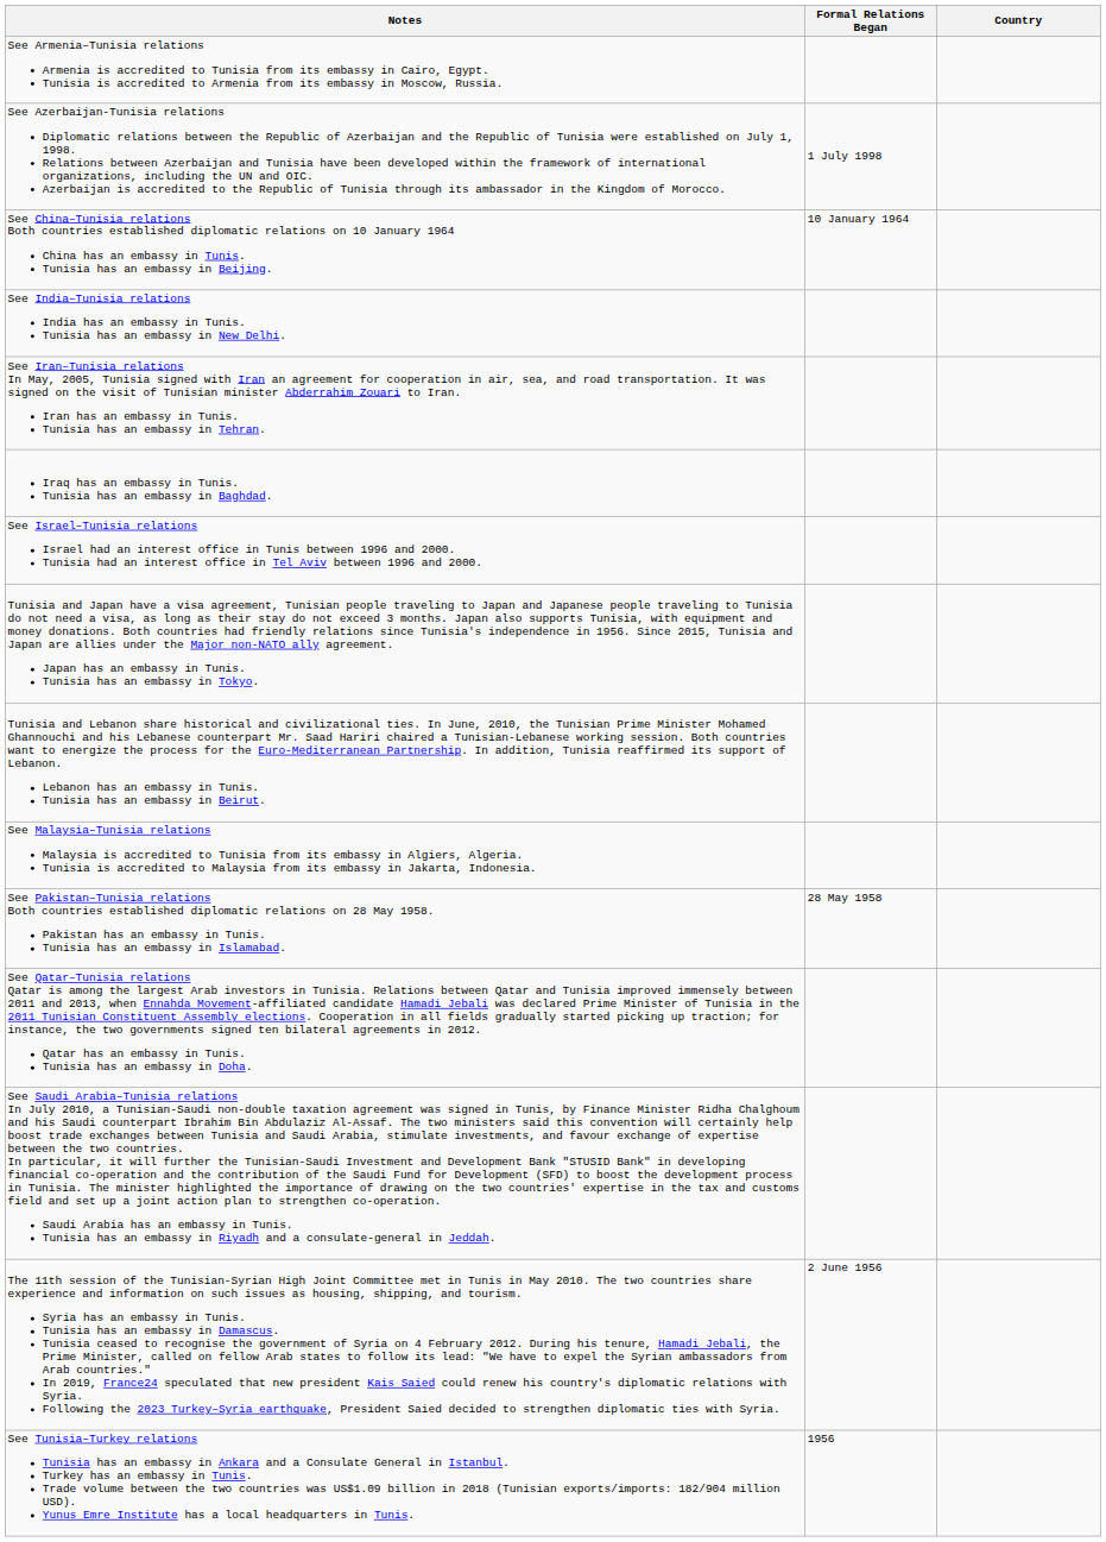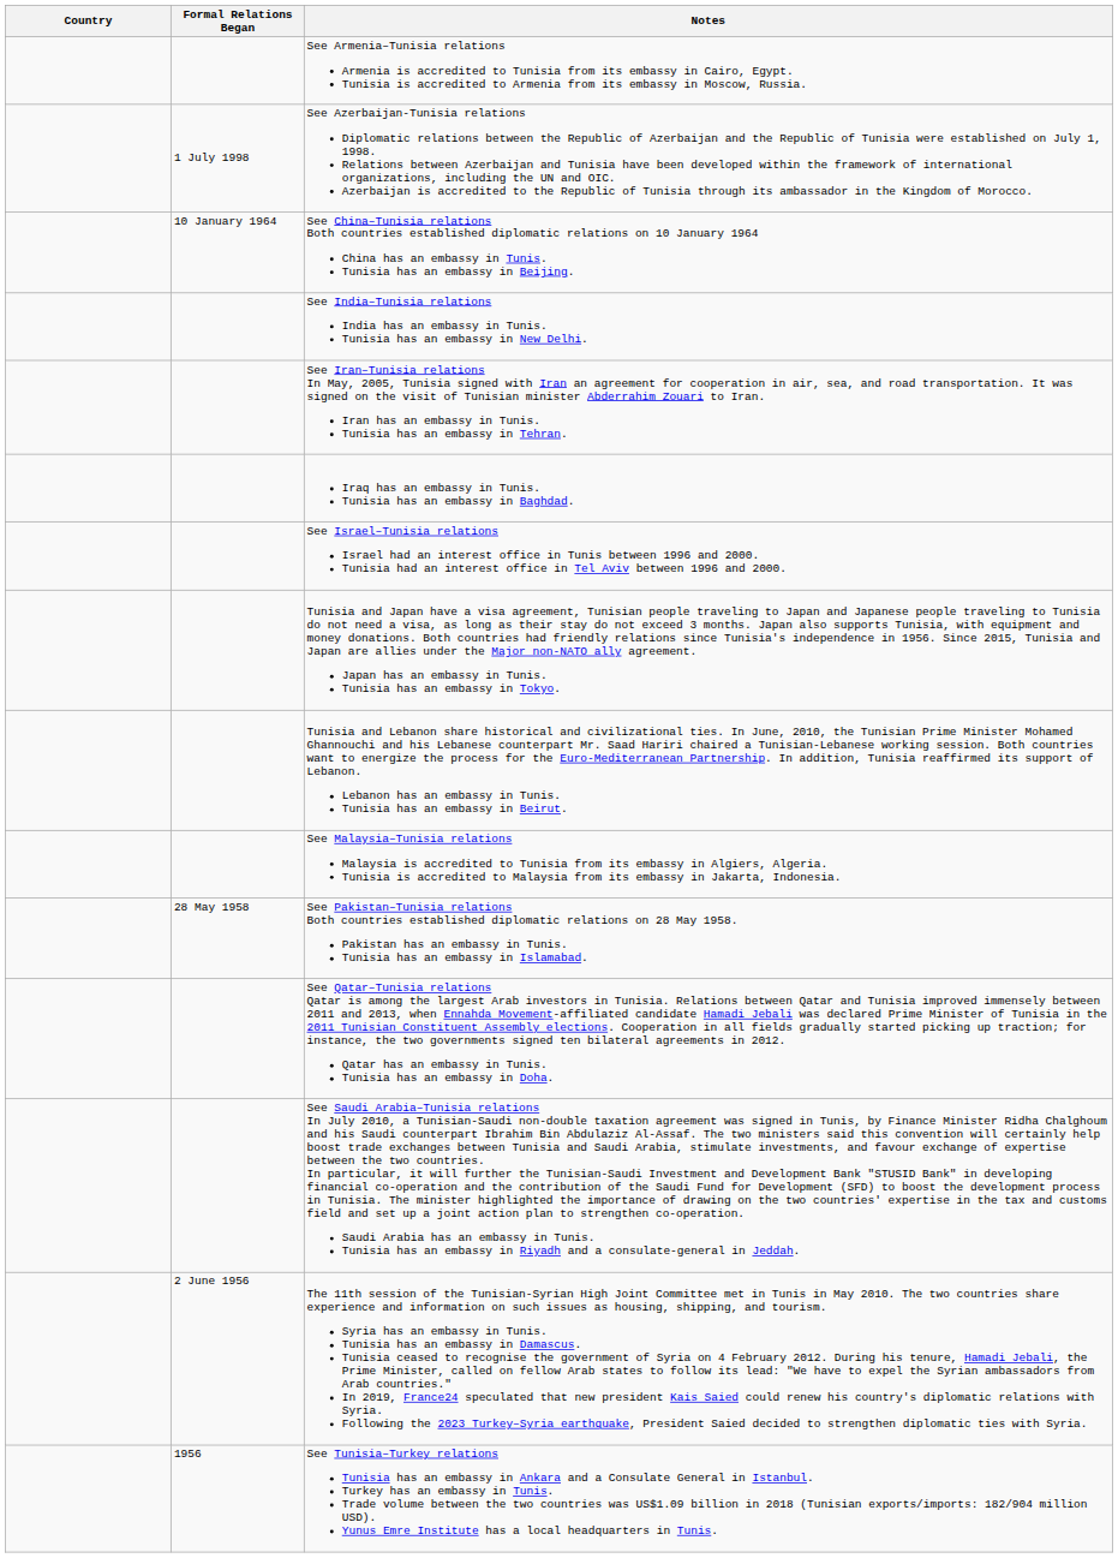 <table class="wikitable sortable" style="width:100%; margin:auto;">
 <tr>
+<th style="width:15%;">Country</th>
+<th style="width:12%;">Formal Relations Began</th>
 <th>Notes</th>
-<th style="width:12%;">Formal Relations Began</th>
-<th style="width:15%;">Country</th>
 </tr>
 <tr valign="top">
-<td>See Armenia–Tunisia relations<br><ul><li>Armenia is accredited to Tunisia from its embassy in Cairo, Egypt.</li><li>Tunisia is accredited to Armenia from its embassy in Moscow, Russia.</li></ul></td>
 <td></td>
 <td></td>
+<td>See Armenia–Tunisia relations<br><ul><li>Armenia is accredited to Tunisia from its embassy in Cairo, Egypt.</li><li>Tunisia is accredited to Armenia from its embassy in Moscow, Russia.</li></ul></td>
 </tr>
 <tr>
+<td></td>
+<td>1 July 1998</td>
 <td>See Azerbaijan-Tunisia relations<br><ul><li>Diplomatic relations between the Republic of Azerbaijan and the Republic of Tunisia were established on July 1, 1998.</li><li>Relations between Azerbaijan and Tunisia have been developed within the framework of international organizations, including the UN and OIC.</li><li>Azerbaijan is accredited to the Republic of Tunisia through its ambassador in the Kingdom of Morocco.</li></ul></td>
-<td>1 July 1998</td>
-<td></td>
 </tr>
 <tr valign="top">
+<td></td>
+<td>10 January 1964</td>
 <td>See <a href='#'>China–Tunisia relations</a><br>Both countries established diplomatic relations on 10 January 1964<ul><li>China has an embassy in <a href='#'>Tunis</a>.</li><li>Tunisia has an embassy in <a href='#'>Beijing</a>.</li></ul></td>
-<td>10 January 1964</td>
-<td></td>
 </tr>
 <tr valign="top">
-<td>See <a href='#'>India–Tunisia relations</a><br><ul><li>India has an embassy in Tunis.</li><li>Tunisia has an embassy in <a href='#'>New Delhi</a>.</li></ul></td>
 <td></td>
 <td></td>
+<td>See <a href='#'>India–Tunisia relations</a><br><ul><li>India has an embassy in Tunis.</li><li>Tunisia has an embassy in <a href='#'>New Delhi</a>.</li></ul></td>
 </tr>
 <tr valign="top">
-<td>See <a href='#'>Iran–Tunisia relations</a><br>In May, 2005, Tunisia signed with <a href='#'>Iran</a> an agreement for cooperation in air, sea, and road transportation. It was signed on the visit of Tunisian minister <a href='#'>Abderrahim Zouari</a> to Iran.<ul><li>Iran has an embassy in Tunis.</li><li>Tunisia has an embassy in <a href='#'>Tehran</a>.</li></ul></td>
 <td></td>
 <td></td>
+<td>See <a href='#'>Iran–Tunisia relations</a><br>In May, 2005, Tunisia signed with <a href='#'>Iran</a> an agreement for cooperation in air, sea, and road transportation. It was signed on the visit of Tunisian minister <a href='#'>Abderrahim Zouari</a> to Iran.<ul><li>Iran has an embassy in Tunis.</li><li>Tunisia has an embassy in <a href='#'>Tehran</a>.</li></ul></td>
 </tr>
 <tr -valign="top">
-<td><br><ul><li>Iraq has an embassy in Tunis.</li><li>Tunisia has an embassy in <a href='#'>Baghdad</a>.</li></ul></td>
 <td></td>
 <td></td>
+<td><br><ul><li>Iraq has an embassy in Tunis.</li><li>Tunisia has an embassy in <a href='#'>Baghdad</a>.</li></ul></td>
 </tr>
 <tr valign="top">
-<td>See <a href='#'>Israel–Tunisia relations</a><br><ul><li>Israel had an interest office in Tunis between 1996 and 2000.</li><li>Tunisia had an interest office in <a href='#'>Tel Aviv</a> between 1996 and 2000.</li></ul></td>
 <td></td>
 <td></td>
+<td>See <a href='#'>Israel–Tunisia relations</a><br><ul><li>Israel had an interest office in Tunis between 1996 and 2000.</li><li>Tunisia had an interest office in <a href='#'>Tel Aviv</a> between 1996 and 2000.</li></ul></td>
 </tr>
 <tr valign="top">
-<td><br>Tunisia and Japan have a visa agreement, Tunisian people traveling to Japan and Japanese people traveling to Tunisia do not need a visa, as long as their stay do not exceed 3 months. Japan also supports Tunisia, with equipment and money donations. Both countries had friendly relations since Tunisia's independence in 1956. Since 2015, Tunisia and Japan are allies under the <a href='#'>Major non-NATO ally</a> agreement.<ul><li>Japan has an embassy in Tunis.</li><li>Tunisia has an embassy in <a href='#'>Tokyo</a>.</li></ul></td>
 <td></td>
 <td></td>
+<td><br>Tunisia and Japan have a visa agreement, Tunisian people traveling to Japan and Japanese people traveling to Tunisia do not need a visa, as long as their stay do not exceed 3 months. Japan also supports Tunisia, with equipment and money donations. Both countries had friendly relations since Tunisia's independence in 1956. Since 2015, Tunisia and Japan are allies under the <a href='#'>Major non-NATO ally</a> agreement.<ul><li>Japan has an embassy in Tunis.</li><li>Tunisia has an embassy in <a href='#'>Tokyo</a>.</li></ul></td>
 </tr>
 <tr valign="top">
-<td><br>Tunisia and Lebanon share historical and civilizational ties. In June, 2010, the Tunisian Prime Minister Mohamed Ghannouchi and his Lebanese counterpart Mr. Saad Hariri chaired a Tunisian-Lebanese working session. Both countries want to energize the process for the <a href='#'>Euro-Mediterranean Partnership</a>. In addition, Tunisia reaffirmed its support of Lebanon.<ul><li>Lebanon has an embassy in Tunis.</li><li>Tunisia has an embassy in <a href='#'>Beirut</a>.</li></ul></td>
 <td></td>
 <td></td>
+<td><br>Tunisia and Lebanon share historical and civilizational ties. In June, 2010, the Tunisian Prime Minister Mohamed Ghannouchi and his Lebanese counterpart Mr. Saad Hariri chaired a Tunisian-Lebanese working session. Both countries want to energize the process for the <a href='#'>Euro-Mediterranean Partnership</a>. In addition, Tunisia reaffirmed its support of Lebanon.<ul><li>Lebanon has an embassy in Tunis.</li><li>Tunisia has an embassy in <a href='#'>Beirut</a>.</li></ul></td>
 </tr>
 <tr valign="top">
-<td>See <a href='#'>Malaysia–Tunisia relations</a><br><ul><li>Malaysia is accredited to Tunisia from its embassy in Algiers, Algeria.</li><li>Tunisia is accredited to Malaysia from its embassy in Jakarta, Indonesia.</li></ul></td>
 <td></td>
 <td></td>
+<td>See <a href='#'>Malaysia–Tunisia relations</a><br><ul><li>Malaysia is accredited to Tunisia from its embassy in Algiers, Algeria.</li><li>Tunisia is accredited to Malaysia from its embassy in Jakarta, Indonesia.</li></ul></td>
 </tr>
 <tr valign="top">
+<td></td>
+<td>28 May 1958</td>
 <td>See <a href='#'>Pakistan–Tunisia relations</a><br>Both countries established diplomatic relations on 28 May 1958.<ul><li>Pakistan has an embassy in Tunis.</li><li>Tunisia has an embassy in <a href='#'>Islamabad</a>.</li></ul></td>
-<td>28 May 1958</td>
-<td></td>
 </tr>
 <tr valign="top">
-<td>See <a href='#'>Qatar–Tunisia relations</a><br>Qatar is among the largest Arab investors in Tunisia. Relations between Qatar and Tunisia improved immensely between 2011 and 2013, when <a href='#'>Ennahda Movement</a>-affiliated candidate <a href='#'>Hamadi Jebali</a> was declared Prime Minister of Tunisia in the <a href='#'>2011 Tunisian Constituent Assembly elections</a>. Cooperation in all fields gradually started picking up traction; for instance, the two governments signed ten bilateral agreements in 2012.<ul><li>Qatar has an embassy in Tunis.</li><li>Tunisia has an embassy in <a href='#'>Doha</a>.</li></ul></td>
 <td></td>
 <td></td>
+<td>See <a href='#'>Qatar–Tunisia relations</a><br>Qatar is among the largest Arab investors in Tunisia. Relations between Qatar and Tunisia improved immensely between 2011 and 2013, when <a href='#'>Ennahda Movement</a>-affiliated candidate <a href='#'>Hamadi Jebali</a> was declared Prime Minister of Tunisia in the <a href='#'>2011 Tunisian Constituent Assembly elections</a>. Cooperation in all fields gradually started picking up traction; for instance, the two governments signed ten bilateral agreements in 2012.<ul><li>Qatar has an embassy in Tunis.</li><li>Tunisia has an embassy in <a href='#'>Doha</a>.</li></ul></td>
 </tr>
 <tr valign="top">
-<td>See <a href='#'>Saudi Arabia–Tunisia relations</a><br>In July 2010, a Tunisian-Saudi non-double taxation agreement was signed in Tunis, by Finance Minister Ridha Chalghoum and his Saudi counterpart Ibrahim Bin Abdulaziz Al-Assaf. The two ministers said this convention will certainly help boost trade exchanges between Tunisia and Saudi Arabia, stimulate investments, and favour exchange of expertise between the two countries.<br>In particular, it will further the Tunisian-Saudi Investment and Development Bank "STUSID Bank" in developing financial co-operation and the contribution of the Saudi Fund for Development (SFD) to boost the development process in Tunisia. The minister highlighted the importance of drawing on the two countries' expertise in the tax and customs field and set up a joint action plan to strengthen co-operation.<ul><li>Saudi Arabia has an embassy in Tunis.</li><li>Tunisia has an embassy in <a href='#'>Riyadh</a> and a consulate-general in <a href='#'>Jeddah</a>.</li></ul></td>
 <td></td>
 <td></td>
+<td>See <a href='#'>Saudi Arabia–Tunisia relations</a><br>In July 2010, a Tunisian-Saudi non-double taxation agreement was signed in Tunis, by Finance Minister Ridha Chalghoum and his Saudi counterpart Ibrahim Bin Abdulaziz Al-Assaf. The two ministers said this convention will certainly help boost trade exchanges between Tunisia and Saudi Arabia, stimulate investments, and favour exchange of expertise between the two countries.<br>In particular, it will further the Tunisian-Saudi Investment and Development Bank "STUSID Bank" in developing financial co-operation and the contribution of the Saudi Fund for Development (SFD) to boost the development process in Tunisia. The minister highlighted the importance of drawing on the two countries' expertise in the tax and customs field and set up a joint action plan to strengthen co-operation.<ul><li>Saudi Arabia has an embassy in Tunis.</li><li>Tunisia has an embassy in <a href='#'>Riyadh</a> and a consulate-general in <a href='#'>Jeddah</a>.</li></ul></td>
 </tr>
 <tr valign="top">
+<td></td>
+<td>2 June 1956</td>
 <td><br>The 11th session of the Tunisian-Syrian High Joint Committee met in Tunis in May 2010. The two countries share experience and information on such issues as housing, shipping, and tourism.<ul><li>Syria has an embassy in Tunis.</li><li>Tunisia has an embassy in <a href='#'>Damascus</a>.</li><li>Tunisia ceased to recognise the government of Syria on 4 February 2012. During his tenure, <a href='#'>Hamadi Jebali</a>, the Prime Minister, called on fellow Arab states to follow its lead: "We have to expel the Syrian ambassadors from Arab countries."</li><li>In 2019, <a href='#'>France24</a> speculated that new president <a href='#'>Kais Saied</a> could renew his country's diplomatic relations with Syria.</li><li>Following the <a href='#'>2023 Turkey–Syria earthquake</a>, President Saied decided to strengthen diplomatic ties with Syria.</li></ul></td>
-<td>2 June 1956</td>
-<td></td>
 </tr>
 <tr valign="top">
+<td></td>
+<td>1956</td>
 <td>See <a href='#'>Tunisia–Turkey relations</a><br><ul><li><a href='#'>Tunisia</a> has an embassy in <a href='#'>Ankara</a> and a Consulate General in <a href='#'>Istanbul</a>.</li><li>Turkey has an embassy in <a href='#'>Tunis</a>.</li><li>Trade volume between the two countries was US$1.09 billion in 2018 (Tunisian exports/imports: 182/904 million USD).</li><li><a href='#'>Yunus Emre Institute</a> has a local headquarters in <a href='#'>Tunis</a>.</li></ul></td>
-<td>1956</td>
-<td></td>
 </tr>
 </table>
